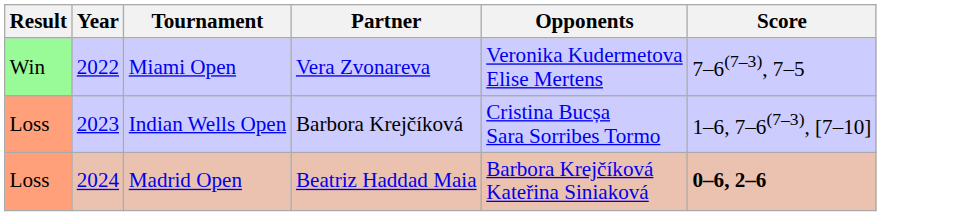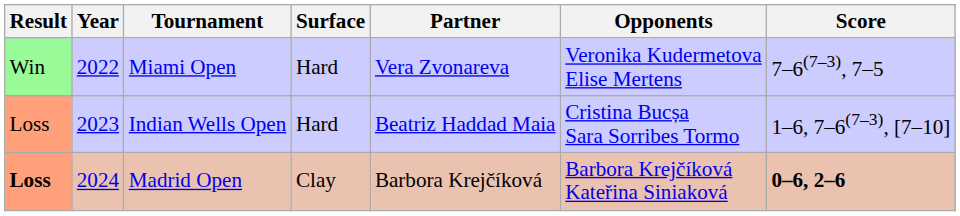 <table class="sortable wikitable nowrap"">
 <tr>
 <th>Result</th>
 <th>Year</th>
 <th>Tournament</th>
+<th>Surface</th>
 <th>Partner</th>
 <th>Opponents</th>
 <th class=unsortable>Score</th>
 </tr>
 <tr bgcolor=ccccff>
 <td style="background:#98fb98;">Win</td>
 <td><a href='#'>2022</a></td>
 <td><a href='#'>Miami Open</a></td>
+<td>Hard</td>
 <td> <a href='#'>Vera Zvonareva</a></td>
 <td> <a href='#'>Veronika Kudermetova</a> <br>  <a href='#'>Elise Mertens</a></td>
 <td>7–6<sup>(7–3)</sup>, 7–5</td>
 </tr>
 <tr bgcolor=ccccff>
 <td style="background:#FFA07A">Loss</td>
 <td><a href='#'>2023</a></td>
 <td><a href='#'>Indian Wells Open</a></td>
-<td> Barbora Krejčíková</td>
+<td>Hard</td>
+<td> <a href='#'>Beatriz Haddad Maia</a></td>
 <td> <a href='#'>Cristina Bucșa</a><br> <a href='#'>Sara Sorribes Tormo</a></td>
 <td>1–6, 7–6<sup>(7–3)</sup>, [7–10]</td>
 </tr>
 <tr bgcolor=ebc2af>
-<td style="background:#FFA07A">Loss</td>
+<td style="background:#FFA07A"><strong>Loss</strong></td>
 <td><a href='#'>2024</a></td>
 <td><a href='#'>Madrid Open</a></td>
-<td> <a href='#'>Beatriz Haddad Maia</a></td>
+<td>Clay</td>
+<td> Barbora Krejčíková</td>
 <td> <a href='#'>Barbora Krejčíková</a> <br>  <a href='#'>Kateřina Siniaková</a></td>
 <td><strong>0–6, 2–6</strong></td>
 </tr>
 </table>
